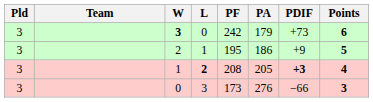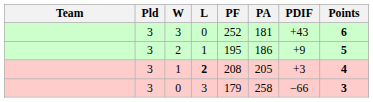 <table class=wikitable style="text-align:center" width=500>
 <tr>
+<th width=25%>Team</th>
 <th width=5%>Pld</th>
-<th width=25%>Team</th>
 <th width=5%>W</th>
 <th width=5%>L</th>
 <th width=5%>PF</th>
 <th width=5%>PA</th>
 <th width=5%>PDIF</th>
 <th width=8%>Points</th>
 </tr>
 <tr bgcolor=ccffcc>
+<td align="left"></td>
 <td>3</td>
-<td align="left"></td>
-<td><strong>3</strong></td>
+<td>3</td>
 <td>0</td>
-<td>242</td>
-<td>179</td>
-<td>+73</td>
+<td>252</td>
+<td>181</td>
+<td>+43</td>
 <td><strong>6</strong></td>
 </tr>
 <tr bgcolor=ccffcc>
+<td align="left"></td>
 <td>3</td>
-<td align="left"></td>
 <td>2</td>
 <td>1</td>
 <td>195</td>
 <td>186</td>
 <td>+9</td>
 <td><strong>5</strong></td>
 </tr>
 <tr bgcolor=ffcccc>
+<td align="left"></td>
 <td>3</td>
-<td align="left"></td>
 <td>1</td>
 <td><strong>2</strong></td>
 <td>208</td>
 <td>205</td>
-<td><strong>+3</strong></td>
+<td>+3</td>
 <td><strong>4</strong></td>
 </tr>
 <tr bgcolor=ffcccc>
+<td align="left"></td>
 <td>3</td>
-<td align="left"></td>
 <td>0</td>
 <td>3</td>
-<td>173</td>
-<td>276</td>
+<td>179</td>
+<td>258</td>
 <td>−66</td>
 <td><strong>3</strong></td>
 </tr>
 </table>
